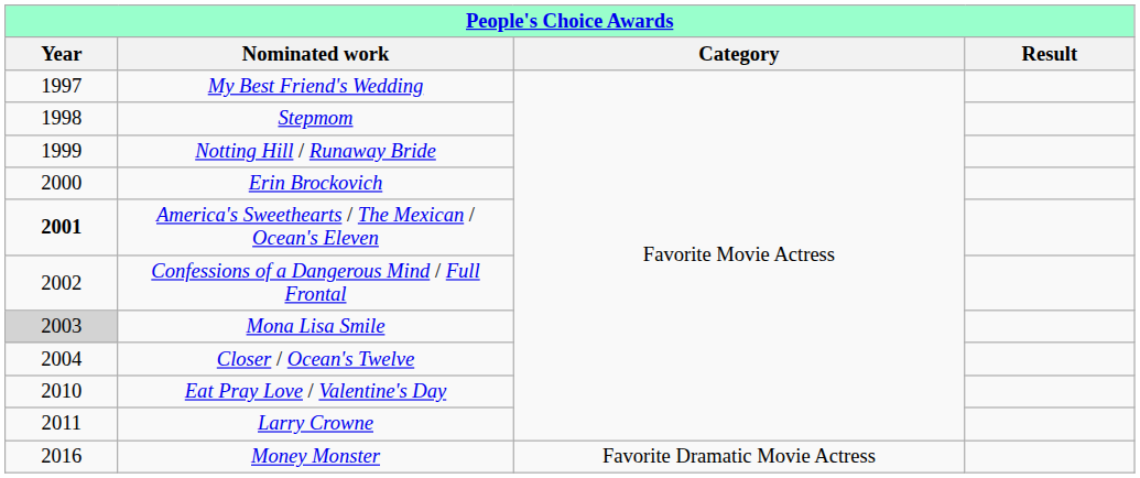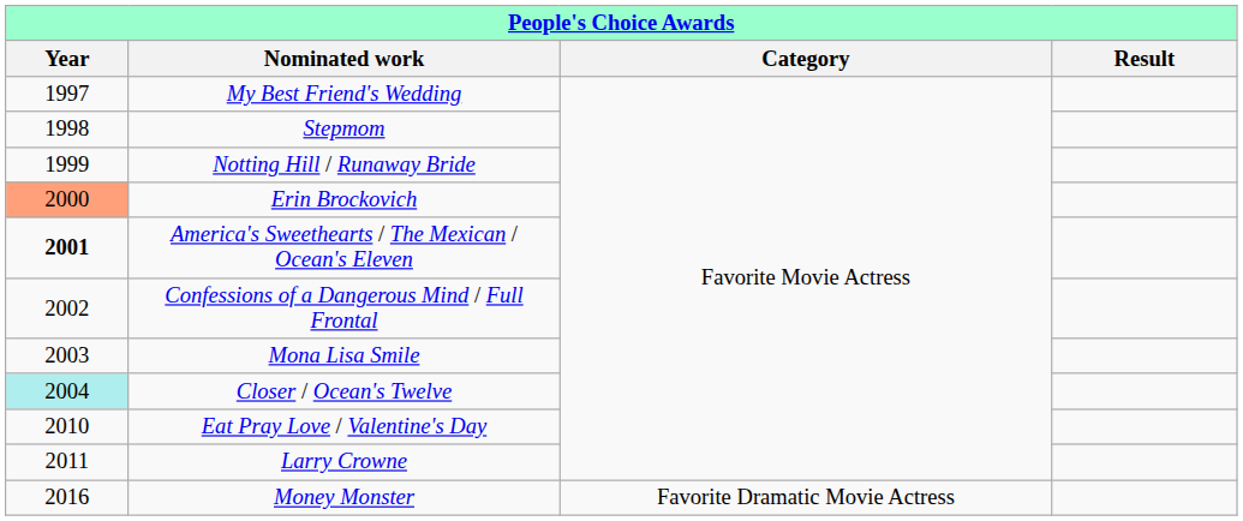 <table width="70%" class="wikitable sortable">
 <tr>
 <th colspan="4" - style="background:#99FFCC;" align="center"><a href='#'>People's Choice Awards</a></th>
 </tr>
 <tr>
 <th width="10%">Year</th>
 <th width="35%">Nominated work</th>
 <th width="40%">Category</th>
 <th width="15%">Result</th>
 </tr>
 <tr>
 <td align="center">1997</td>
 <td align="center"><em><a href='#'>My Best Friend's Wedding</a></em></td>
 <td rowspan=10 align="center">Favorite Movie Actress</td>
 <td></td>
 </tr>
 <tr>
 <td align="center">1998</td>
 <td align="center"><em><a href='#'>Stepmom</a></em></td>
 <td></td>
 </tr>
 <tr>
 <td align="center">1999</td>
 <td align="center"><em><a href='#'>Notting Hill</a></em> / <em><a href='#'>Runaway Bride</a></em></td>
 <td></td>
 </tr>
 <tr>
-<td align="center">2000</td>
+<td align="center" style="background: lightsalmon;">2000</td>
 <td align="center"><em><a href='#'>Erin Brockovich</a></em></td>
 <td></td>
 </tr>
 <tr>
 <td align="center"><strong>2001</strong></td>
 <td align="center"><em><a href='#'>America's Sweethearts</a></em> / <em><a href='#'>The Mexican</a></em> / <em><a href='#'>Ocean's Eleven</a></em></td>
 <td></td>
 </tr>
 <tr>
 <td align="center">2002</td>
 <td align="center"><em><a href='#'>Confessions of a Dangerous Mind</a></em> / <em><a href='#'>Full Frontal</a></em></td>
 <td></td>
 </tr>
 <tr>
-<td align="center" style="background: lightgrey;">2003</td>
+<td align="center">2003</td>
 <td align="center"><em><a href='#'>Mona Lisa Smile</a></em></td>
 <td></td>
 </tr>
 <tr>
-<td align="center">2004</td>
+<td align="center" style="background: paleturquoise;">2004</td>
 <td align="center"><em><a href='#'>Closer</a></em> / <em><a href='#'>Ocean's Twelve</a></em></td>
 <td></td>
 </tr>
 <tr>
 <td align="center">2010</td>
 <td align="center"><em><a href='#'>Eat Pray Love</a></em> / <em><a href='#'>Valentine's Day</a></em></td>
 <td></td>
 </tr>
 <tr>
 <td align="center">2011</td>
 <td align="center"><em><a href='#'>Larry Crowne</a></em></td>
 <td></td>
 </tr>
 <tr>
 <td align="center">2016</td>
 <td align="center"><em><a href='#'>Money Monster</a></em></td>
 <td align="center">Favorite Dramatic Movie Actress</td>
 <td></td>
 </tr>
 </table>
